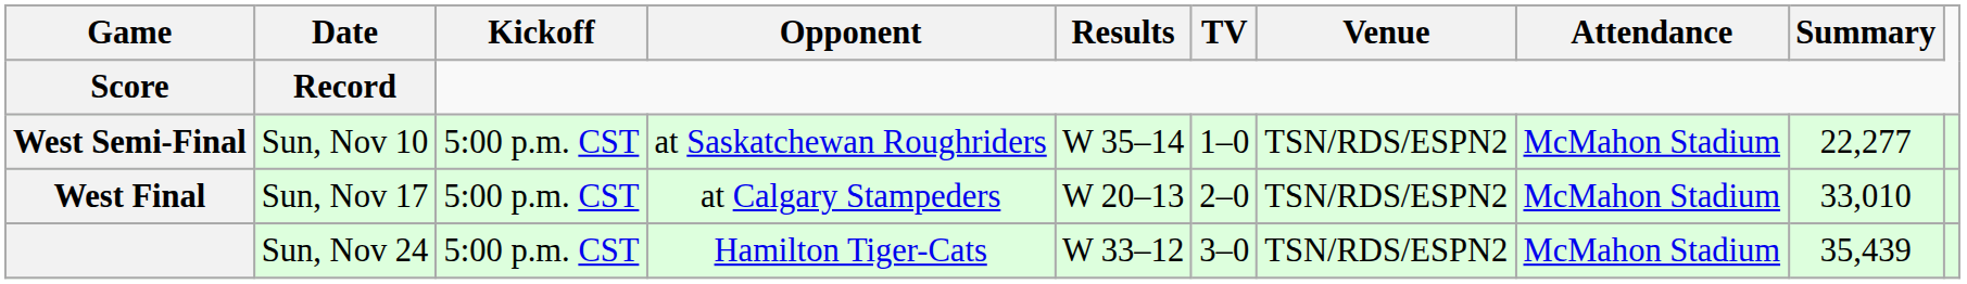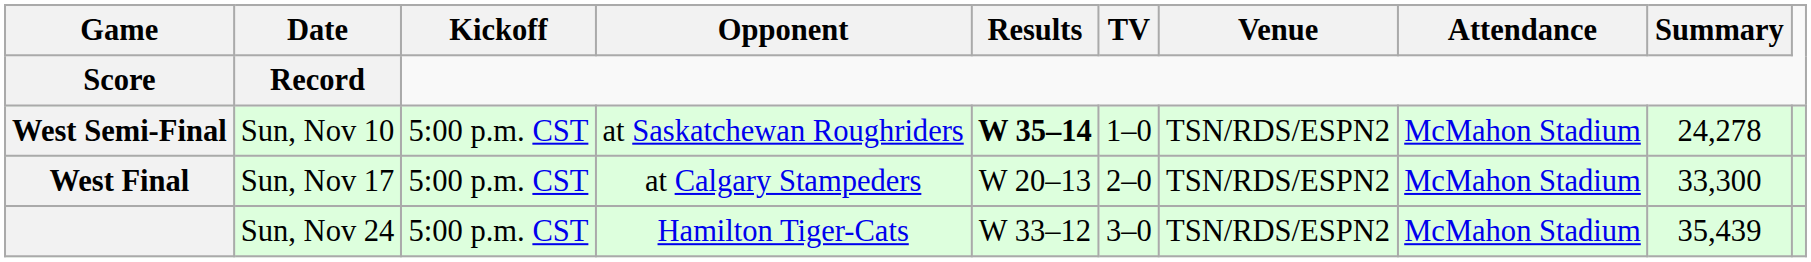 <table class="wikitable" style="font-size: 95%;">
 <tr>
 <th scope="col">Game</th>
 <th scope="col">Date</th>
 <th scope="col">Kickoff</th>
 <th scope="col">Opponent</th>
 <th scope="col">Results</th>
 <th scope="col">TV</th>
 <th scope="col">Venue</th>
 <th scope="col">Attendance</th>
 <th scope="col">Summary</th>
 </tr>
 <tr>
 <th scope="col">Score</th>
 <th scope="col">Record</th>
 </tr>
 <tr align="center" bgcolor="#ddffdd">
 <th align="center"><strong>West Semi-Final</strong></th>
 <td align="center">Sun, Nov 10</td>
 <td align="center">5:00 p.m. <a href='#'>CST</a></td>
 <td align="center">at <a href='#'>Saskatchewan Roughriders</a></td>
-<td align="center">W 35–14</td>
+<td align="center"><strong>W 35–14</strong></td>
 <td align="center">1–0</td>
 <td align="center">TSN/RDS/ESPN2</td>
 <td align="center"><a href='#'>McMahon Stadium</a></td>
-<td align="center">22,277</td>
+<td align="center">24,278</td>
 <td align="center"></td>
 </tr>
 <tr align="center" bgcolor="#ddffdd">
 <th align="center"><strong>West Final</strong></th>
 <td align="center">Sun, Nov 17</td>
 <td align="center">5:00 p.m. <a href='#'>CST</a></td>
 <td align="center">at <a href='#'>Calgary Stampeders</a></td>
 <td align="center">W 20–13</td>
 <td align="center">2–0</td>
 <td align="center">TSN/RDS/ESPN2</td>
 <td align="center"><a href='#'>McMahon Stadium</a></td>
-<td align="center">33,010</td>
+<td align="center">33,300</td>
 <td align="center"></td>
 </tr>
 <tr align="center" bgcolor="#ddffdd">
 <th style="text-align:center;"><a href='#'></a></th>
 <td align="center">Sun, Nov 24</td>
 <td align="center">5:00 p.m. <a href='#'>CST</a></td>
 <td align="center"><a href='#'>Hamilton Tiger-Cats</a></td>
 <td align="center">W 33–12</td>
 <td align="center">3–0</td>
 <td align="center">TSN/RDS/ESPN2</td>
 <td align="center"><a href='#'>McMahon Stadium</a></td>
 <td align="center">35,439</td>
 <td align="center"></td>
 </tr>
 </table>
